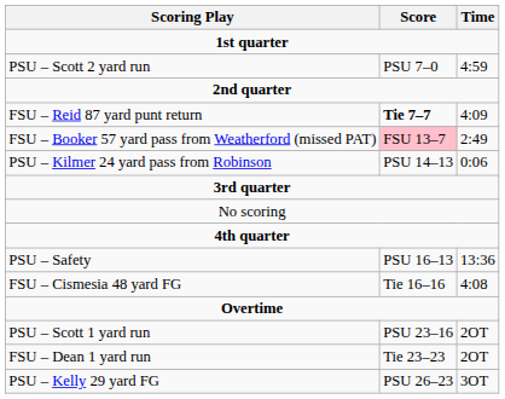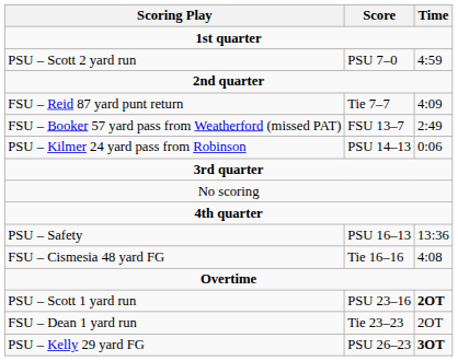 <table class="wikitable">
 <tr>
 <th>Scoring Play</th>
 <th>Score</th>
 <th>Time</th>
 </tr>
 <tr>
 <td colspan="4" style="text-align:center;"><strong>1st quarter</strong></td>
 </tr>
 <tr>
 <td>PSU – Scott 2 yard run</td>
 <td>PSU 7–0</td>
 <td>4:59</td>
 </tr>
 <tr>
 <td colspan="4" style="text-align:center;"><strong>2nd quarter</strong></td>
 </tr>
 <tr>
 <td>FSU – <a href='#'>Reid</a> 87 yard punt return</td>
-<td><strong>Tie 7–7</strong></td>
+<td>Tie 7–7</td>
 <td>4:09</td>
 </tr>
 <tr>
 <td>FSU – <a href='#'>Booker</a> 57 yard pass from <a href='#'>Weatherford</a> (missed PAT)</td>
-<td style="background: pink;">FSU 13–7</td>
+<td>FSU 13–7</td>
 <td>2:49</td>
 </tr>
 <tr>
 <td>PSU – <a href='#'>Kilmer</a> 24 yard pass from <a href='#'>Robinson</a></td>
 <td>PSU 14–13</td>
 <td>0:06</td>
 </tr>
 <tr>
 <td colspan="4" style="text-align:center;"><strong>3rd quarter</strong></td>
 </tr>
 <tr>
 <td colspan="6" style="text-align:center;">No scoring</td>
 </tr>
 <tr>
 <td colspan="6" style="text-align:center;"><strong>4th quarter</strong></td>
 </tr>
 <tr>
 <td>PSU – Safety</td>
 <td>PSU 16–13</td>
 <td>13:36</td>
 </tr>
 <tr>
 <td>FSU – Cismesia 48 yard FG</td>
 <td>Tie 16–16</td>
 <td>4:08</td>
 </tr>
 <tr>
 <td colspan="6" style="text-align:center;"><strong>Overtime</strong></td>
 </tr>
 <tr>
 <td>PSU – Scott 1 yard run</td>
 <td>PSU 23–16</td>
-<td>2OT</td>
+<td><strong>2OT</strong></td>
 </tr>
 <tr>
 <td>FSU – Dean 1 yard run</td>
 <td>Tie 23–23</td>
 <td>2OT</td>
 </tr>
 <tr>
 <td>PSU – <a href='#'>Kelly</a> 29 yard FG</td>
 <td>PSU 26–23</td>
-<td>3OT</td>
+<td><strong>3OT</strong></td>
 </tr>
 </table>
